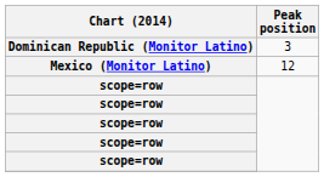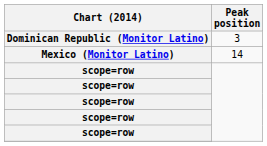 <table class="wikitable sortable plainrowheaders">
 <tr>
 <th>Chart (2014)</th>
 <th>Peak<br>position</th>
 </tr>
 <tr>
 <th scope=row>Dominican Republic (<a href='#'>Monitor Latino</a>)</th>
 <td style="text-align:center;">3</td>
 </tr>
 <tr>
 <th scope=row>Mexico (<a href='#'>Monitor Latino</a>)</th>
-<td style="text-align:center;">12</td>
+<td style="text-align:center;">14</td>
 </tr>
 <tr>
 <th>scope=row</th>
 </tr>
 <tr>
 <th>scope=row</th>
 </tr>
 <tr>
 <th>scope=row</th>
 </tr>
 <tr>
 <th>scope=row</th>
 </tr>
 <tr>
 <th>scope=row</th>
 </tr>
 <tr>
 </tr>
 </table>
